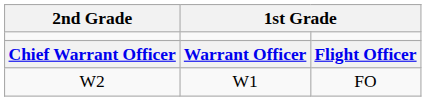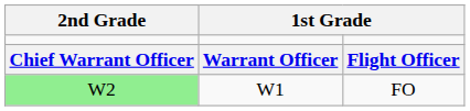 <table class="wikitable" style="text-align:center">
 <tr>
 <th>2nd Grade</th>
 <th colspan=2>1st Grade</th>
 </tr>
 <tr>
 <td></td>
 <td></td>
 <td></td>
 </tr>
 <tr>
 <th><a href='#'>Chief Warrant Officer</a></th>
 <th><a href='#'>Warrant Officer</a></th>
 <th><a href='#'>Flight Officer</a></th>
 </tr>
 <tr>
-<td>W2</td>
+<td style="background: lightgreen;">W2</td>
 <td>W1</td>
 <td>FO</td>
 </tr>
 </table>
